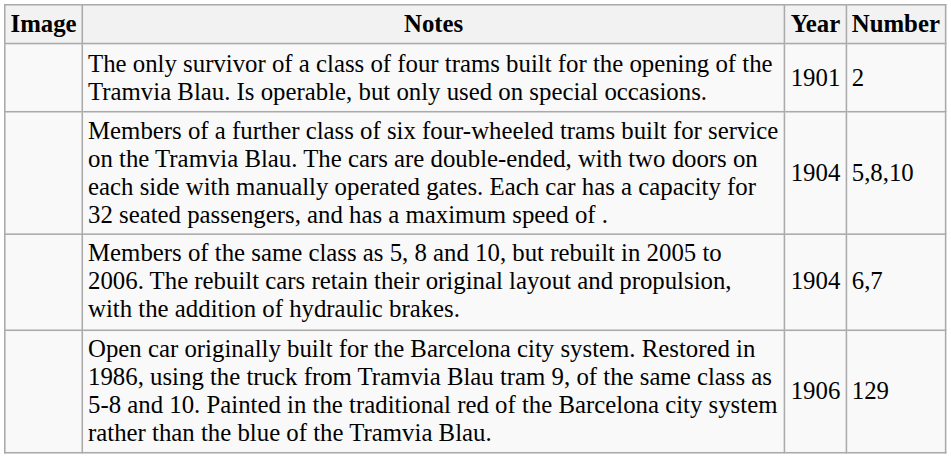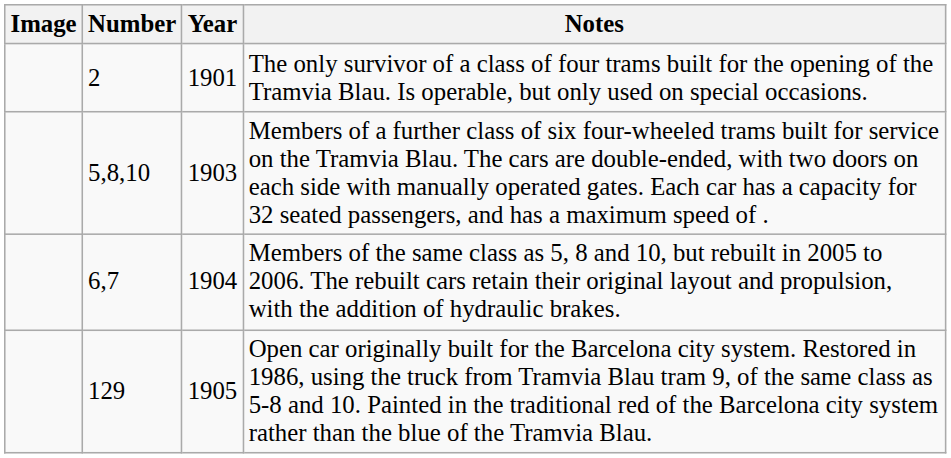 <table class="wikitable sortable">
 <tr>
 <th>Image</th>
+<th>Number</th>
+<th>Year</th>
 <th>Notes</th>
-<th>Year</th>
-<th>Number</th>
 </tr>
 <tr ->
 <td></td>
+<td>2</td>
+<td>1901</td>
 <td>The only survivor of a class of four trams built for the opening of the Tramvia Blau. Is operable, but only used on special occasions.</td>
-<td>1901</td>
-<td>2</td>
 </tr>
 <tr>
 <td></td>
+<td>5,8,10</td>
+<td>1903</td>
 <td>Members of a further class of six four-wheeled trams built for service on the Tramvia Blau. The cars are double-ended, with two doors on each side with manually operated gates. Each car has a capacity for 32 seated passengers, and has a maximum speed of .</td>
-<td>1904</td>
-<td>5,8,10</td>
 </tr>
 <tr>
 <td></td>
+<td>6,7</td>
+<td>1904</td>
 <td>Members of the same class as 5, 8 and 10, but rebuilt in 2005 to 2006. The rebuilt cars retain their original layout and propulsion, with the addition of hydraulic brakes.</td>
-<td>1904</td>
-<td>6,7</td>
 </tr>
 <tr>
 <td></td>
+<td>129</td>
+<td>1905</td>
 <td>Open car originally built for the Barcelona city system. Restored in 1986, using the truck from Tramvia Blau tram 9, of the same class as 5-8 and 10. Painted in the traditional red of the Barcelona city system rather than the blue of the Tramvia Blau.</td>
-<td>1906</td>
-<td>129</td>
 </tr>
 </table>
